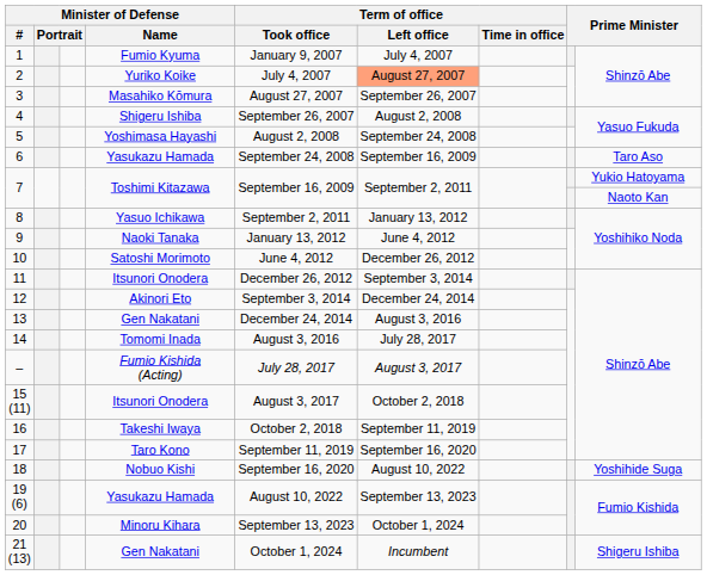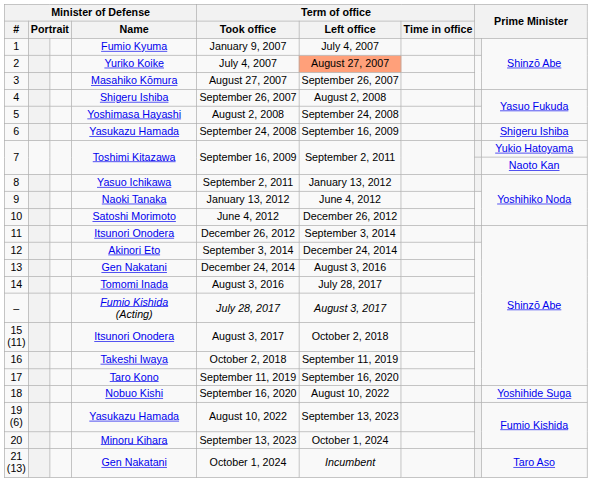 <table class="wikitable"  style="text-align:center">
 <tr>
 <th colspan=4>Minister of Defense</th>
 <th colspan=3>Term of office</th>
 <th style="width:160px;" rowspan=2 colspan=2>Prime Minister</th>
 </tr>
 <tr>
 <th>#</th>
 <th colspan=2>Portrait</th>
 <th width=180px>Name</th>
 <th>Took office</th>
 <th>Left office</th>
 <th>Time in office</th>
 </tr>
 <tr>
 <td>1</td>
 <th style="background-color: "></th>
 <td></td>
 <td><a href='#'>Fumio Kyuma</a></td>
 <td>January 9, 2007</td>
 <td>July 4, 2007</td>
 <td></td>
 <th style="background-color: "></th>
 <td rowspan=3><a href='#'>Shinzō Abe</a></td>
 </tr>
 <tr>
 <td>2</td>
 <th style="background-color: "></th>
 <td></td>
 <td><a href='#'>Yuriko Koike</a></td>
 <td>July 4, 2007</td>
 <td style="background: lightsalmon;">August 27, 2007</td>
 <td></td>
 </tr>
 <tr>
 <td>3</td>
 <th style="background-color: "></th>
 <td></td>
 <td><a href='#'>Masahiko Kōmura</a></td>
 <td>August 27, 2007</td>
 <td>September 26, 2007</td>
 <td></td>
 </tr>
 <tr>
 <td>4</td>
 <th style="background-color: "></th>
 <td></td>
 <td><a href='#'>Shigeru Ishiba</a></td>
 <td>September 26, 2007</td>
 <td>August 2, 2008</td>
 <td></td>
 <th style="background-color: "></th>
 <td rowspan=2><a href='#'>Yasuo Fukuda</a></td>
 </tr>
 <tr>
 <td>5</td>
 <th style="background-color: "></th>
 <td></td>
 <td><a href='#'>Yoshimasa Hayashi</a></td>
 <td>August 2, 2008</td>
 <td>September 24, 2008</td>
 <td></td>
 </tr>
 <tr>
 <td>6</td>
 <th style="background-color: "></th>
 <td></td>
 <td><a href='#'>Yasukazu Hamada</a></td>
 <td>September 24, 2008</td>
 <td>September 16, 2009</td>
 <td></td>
 <th style="background-color: "></th>
-<td><a href='#'>Taro Aso</a></td>
+<td><a href='#'>Shigeru Ishiba</a></td>
 </tr>
 <tr>
 <td rowspan=2>7</td>
 <td rowspan=2 style="background-color: "></td>
 <td rowspan=2></td>
 <td rowspan=2><a href='#'>Toshimi Kitazawa</a></td>
 <td rowspan=2>September 16, 2009</td>
 <td rowspan=2>September 2, 2011</td>
 <td rowspan=2></td>
 <th style="background-color: "></th>
 <td><a href='#'>Yukio Hatoyama</a></td>
 </tr>
 <tr>
 <th style="background-color: "></th>
 <td><a href='#'>Naoto Kan</a></td>
 </tr>
 <tr>
 <td>8</td>
 <th style="background-color: "></th>
 <td></td>
 <td><a href='#'>Yasuo Ichikawa</a></td>
 <td>September 2, 2011</td>
 <td>January 13, 2012</td>
 <td></td>
 <th style="background-color: "></th>
 <td rowspan=3><a href='#'>Yoshihiko Noda</a></td>
 </tr>
 <tr>
 <td>9</td>
 <th style="background-color: "></th>
 <td></td>
 <td><a href='#'>Naoki Tanaka</a></td>
 <td>January 13, 2012</td>
 <td>June 4, 2012</td>
 <td></td>
 </tr>
 <tr>
 <td>10</td>
 <th style="background-color: "></th>
 <td></td>
 <td><a href='#'>Satoshi Morimoto</a></td>
 <td>June 4, 2012</td>
 <td>December 26, 2012</td>
 <td></td>
 </tr>
 <tr>
 <td>11</td>
 <th style="background-color: "></th>
 <td></td>
 <td><a href='#'>Itsunori Onodera</a></td>
 <td>December 26, 2012</td>
 <td>September 3, 2014</td>
 <td></td>
 <th style="background-color: "></th>
 <td rowspan=8><a href='#'>Shinzō Abe</a></td>
 </tr>
 <tr>
 <td>12</td>
 <th style="background-color: "></th>
 <td></td>
 <td><a href='#'>Akinori Eto</a></td>
 <td>September 3, 2014</td>
 <td>December 24, 2014</td>
 <td></td>
 </tr>
 <tr>
 <td>13</td>
 <th style="background-color: "></th>
 <td></td>
 <td><a href='#'>Gen Nakatani</a></td>
 <td>December 24, 2014</td>
 <td>August 3, 2016</td>
 <td></td>
 </tr>
 <tr>
 <td>14</td>
 <th style="background-color: "></th>
 <td></td>
 <td><a href='#'>Tomomi Inada</a></td>
 <td>August 3, 2016</td>
 <td>July 28, 2017</td>
 <td></td>
 </tr>
 <tr>
 <td>–</td>
 <th style="background-color: "></th>
 <td></td>
 <td><em><a href='#'>Fumio Kishida</a></em> <em><br>(Acting)</em></td>
 <td><em>July 28, 2017</em></td>
 <td><em>August 3, 2017</em></td>
 <td><em></em></td>
 </tr>
 <tr>
 <td>15<br>(11)</td>
 <th style="background-color: "></th>
 <td></td>
 <td><a href='#'>Itsunori Onodera</a></td>
 <td>August 3, 2017</td>
 <td>October 2, 2018</td>
 <td></td>
 </tr>
 <tr>
 <td>16</td>
 <th style="background-color: "></th>
 <td></td>
 <td><a href='#'>Takeshi Iwaya</a></td>
 <td>October 2, 2018</td>
 <td>September 11, 2019</td>
 <td></td>
 </tr>
 <tr>
 <td>17</td>
 <th style="background-color: "></th>
 <td></td>
 <td><a href='#'>Taro Kono</a></td>
 <td>September 11, 2019</td>
 <td>September 16, 2020</td>
 <td></td>
 </tr>
 <tr>
 <td rowspan=2>18</td>
 <th rowspan=2 style="background-color: "></th>
 <td rowspan=2></td>
 <td rowspan=2><a href='#'>Nobuo Kishi</a></td>
 <td rowspan=2>September 16, 2020</td>
 <td rowspan=2>August 10, 2022</td>
 <td rowspan=2></td>
 <th style="background-color: "></th>
 <td><a href='#'>Yoshihide Suga</a></td>
 </tr>
 <tr>
 <th rowspan=3 style="background-color: "></th>
 <td rowspan="3"><a href='#'>Fumio Kishida</a></td>
 </tr>
 <tr>
 <td>19<br>(6)</td>
 <th style="background-color: "></th>
 <td></td>
 <td><a href='#'>Yasukazu Hamada</a></td>
 <td>August 10, 2022</td>
 <td>September 13, 2023</td>
 <td></td>
 </tr>
 <tr>
 <td>20</td>
 <th style="background-color: "></th>
 <td></td>
 <td><a href='#'>Minoru Kihara</a></td>
 <td>September 13, 2023</td>
 <td>October 1, 2024</td>
 <td></td>
 </tr>
 <tr>
 <td>21<br>(13)</td>
 <th style="background-color: "></th>
 <td></td>
 <td><a href='#'>Gen Nakatani</a></td>
 <td>October 1, 2024</td>
 <td><em>Incumbent</em></td>
 <td></td>
 <th style="background-color: "></th>
-<td><a href='#'>Shigeru Ishiba</a></td>
+<td><a href='#'>Taro Aso</a></td>
 </tr>
 </table>
